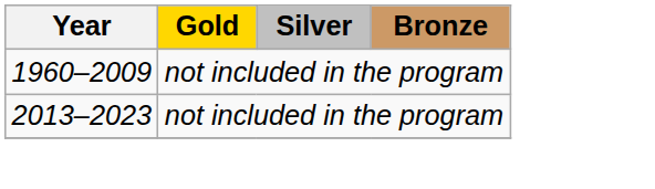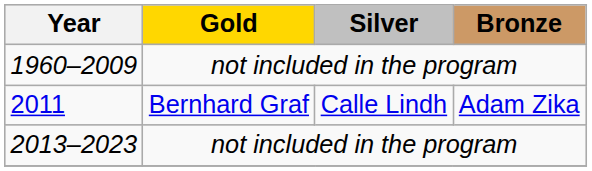 <table class="wikitable">
 <tr>
 <th>Year</th>
 <td align=center bgcolor=gold><strong>Gold</strong></td>
 <td align=center bgcolor=silver><strong>Silver</strong></td>
 <td align=center bgcolor=cc9966><strong>Bronze</strong></td>
 </tr>
 <tr>
 <td><em>1960–2009</em></td>
 <td colspan=3 align=center><em>not included in the program</em></td>
 </tr>
 <tr>
+<td><a href='#'>2011</a></td>
+<td> <a href='#'>Bernhard Graf</a></td>
+<td> <a href='#'>Calle Lindh</a></td>
+<td> <a href='#'>Adam Zika</a></td>
+</tr>
+<tr>
 <td><em>2013–2023</em></td>
 <td colspan=3 align=center><em>not included in the program</em></td>
 </tr>
 <tr>
 </tr>
 </table>
